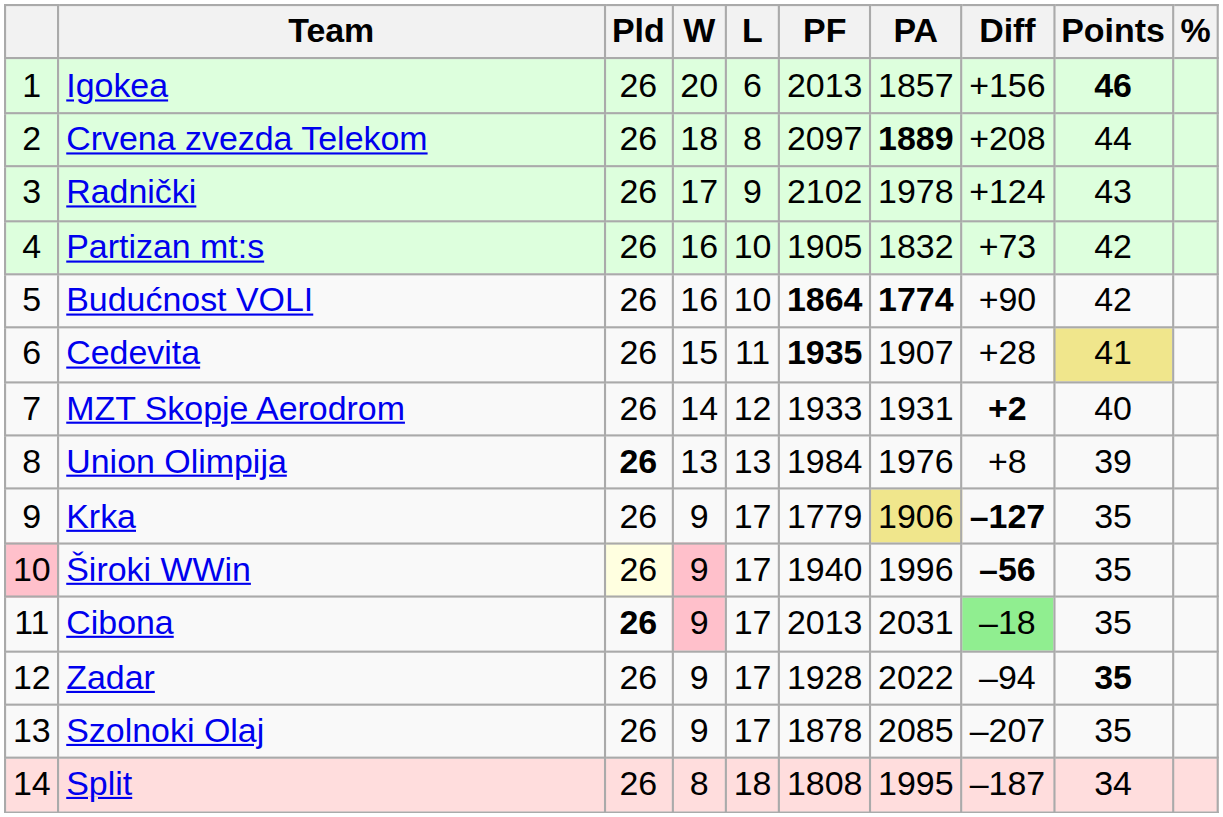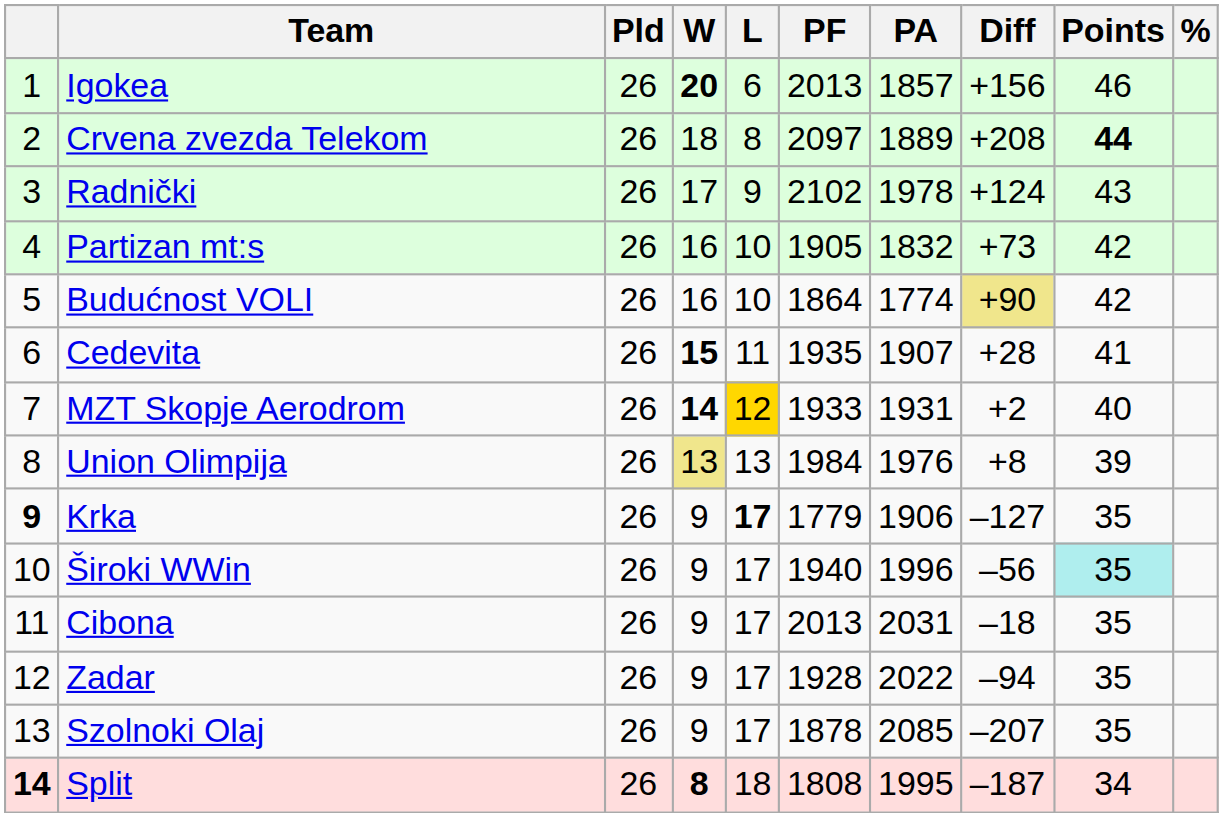 <table class="wikitable sortable" style="text-align:center">
 <tr>
 <th></th>
 <th width="250">Team</th>
 <th>Pld</th>
 <th>W</th>
 <th>L</th>
 <th>PF</th>
 <th>PA</th>
 <th>Diff</th>
 <th>Points</th>
 <th>%</th>
 </tr>
 <tr style="background: #ddffdd">
 <td>1</td>
 <td align=left> <a href='#'>Igokea</a></td>
 <td>26</td>
-<td>20</td>
+<td><strong>20</strong></td>
 <td>6</td>
 <td>2013</td>
 <td>1857</td>
 <td>+156</td>
-<td><strong>46</strong></td>
+<td>46</td>
 <td></td>
 </tr>
 <tr style="background: #ddffdd">
 <td>2</td>
 <td align=left> <a href='#'>Crvena zvezda Telekom</a></td>
 <td>26</td>
 <td>18</td>
 <td>8</td>
 <td>2097</td>
-<td><strong>1889</strong></td>
+<td>1889</td>
 <td>+208</td>
-<td>44</td>
+<td><strong>44</strong></td>
 <td></td>
 </tr>
 <tr style="background: #ddffdd">
 <td>3</td>
 <td align=left> <a href='#'>Radnički</a></td>
 <td>26</td>
 <td>17</td>
 <td>9</td>
 <td>2102</td>
 <td>1978</td>
 <td>+124</td>
 <td>43</td>
 <td></td>
 </tr>
 <tr style="background: #ddffdd">
 <td>4</td>
 <td align=left> <a href='#'>Partizan mt:s</a></td>
 <td>26</td>
 <td>16</td>
 <td>10</td>
 <td>1905</td>
 <td>1832</td>
 <td>+73</td>
 <td>42</td>
 <td></td>
 </tr>
 <tr>
 <td>5</td>
 <td align=left> <a href='#'>Budućnost VOLI</a></td>
 <td>26</td>
 <td>16</td>
 <td>10</td>
-<td><strong>1864</strong></td>
-<td><strong>1774</strong></td>
-<td>+90</td>
+<td>1864</td>
+<td>1774</td>
+<td style="background: khaki;">+90</td>
 <td>42</td>
 <td></td>
 </tr>
 <tr>
 <td>6</td>
 <td align=left> <a href='#'>Cedevita</a></td>
 <td>26</td>
-<td>15</td>
+<td><strong>15</strong></td>
 <td>11</td>
-<td><strong>1935</strong></td>
+<td>1935</td>
 <td>1907</td>
 <td>+28</td>
-<td style="background: khaki;">41</td>
+<td>41</td>
 <td></td>
 </tr>
 <tr>
 <td>7</td>
 <td align=left> <a href='#'>MZT Skopje Aerodrom</a></td>
 <td>26</td>
-<td>14</td>
-<td>12</td>
+<td><strong>14</strong></td>
+<td style="background: gold;">12</td>
 <td>1933</td>
 <td>1931</td>
-<td><strong>+2</strong></td>
+<td>+2</td>
 <td>40</td>
 <td></td>
 </tr>
 <tr>
 <td>8</td>
 <td align=left> <a href='#'>Union Olimpija</a></td>
-<td><strong>26</strong></td>
-<td>13</td>
+<td>26</td>
+<td style="background: khaki;">13</td>
 <td>13</td>
 <td>1984</td>
 <td>1976</td>
 <td>+8</td>
 <td>39</td>
 <td></td>
 </tr>
 <tr>
-<td>9</td>
+<td><strong>9</strong></td>
 <td align=left> <a href='#'>Krka</a></td>
 <td>26</td>
 <td>9</td>
-<td>17</td>
+<td><strong>17</strong></td>
 <td>1779</td>
-<td style="background: khaki;">1906</td>
-<td><strong>–127</strong></td>
+<td>1906</td>
+<td>–127</td>
 <td>35</td>
 <td></td>
 </tr>
 <tr>
-<td style="background: pink;">10</td>
+<td>10</td>
 <td align=left> <a href='#'>Široki WWin</a></td>
-<td style="background: lightyellow;">26</td>
-<td style="background: pink;">9</td>
+<td>26</td>
+<td>9</td>
 <td>17</td>
 <td>1940</td>
 <td>1996</td>
-<td><strong>–56</strong></td>
-<td>35</td>
+<td>–56</td>
+<td style="background: paleturquoise;">35</td>
 <td></td>
 </tr>
 <tr>
 <td>11</td>
 <td align=left> <a href='#'>Cibona</a></td>
-<td><strong>26</strong></td>
-<td style="background: pink;">9</td>
+<td>26</td>
+<td>9</td>
 <td>17</td>
 <td>2013</td>
 <td>2031</td>
-<td style="background: lightgreen;">–18</td>
+<td>–18</td>
 <td>35</td>
 <td></td>
 </tr>
 <tr>
 <td>12</td>
 <td align=left> <a href='#'>Zadar</a></td>
 <td>26</td>
 <td>9</td>
 <td>17</td>
 <td>1928</td>
 <td>2022</td>
 <td>–94</td>
-<td><strong>35</strong></td>
+<td>35</td>
 <td></td>
 </tr>
 <tr>
 <td>13</td>
 <td align=left> <a href='#'>Szolnoki Olaj</a></td>
 <td>26</td>
 <td>9</td>
 <td>17</td>
 <td>1878</td>
 <td>2085</td>
 <td>–207</td>
 <td>35</td>
 <td></td>
 </tr>
 <tr style="background: #ffdddd">
-<td>14</td>
+<td><strong>14</strong></td>
 <td align=left> <a href='#'>Split</a></td>
 <td>26</td>
-<td>8</td>
+<td><strong>8</strong></td>
 <td>18</td>
 <td>1808</td>
 <td>1995</td>
 <td>–187</td>
 <td>34</td>
 <td></td>
 </tr>
 <tr>
 </tr>
 </table>
